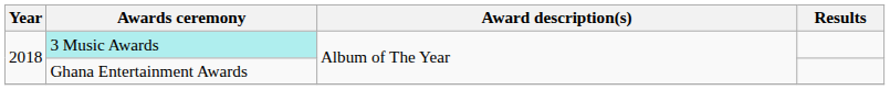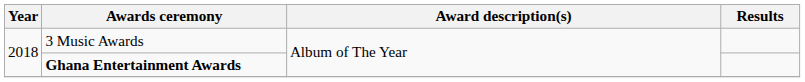 <table class="wikitable">
 <tr>
 <th>Year</th>
 <th width="250">Awards ceremony</th>
 <th width="450">Award description(s)</th>
 <th width="75">Results</th>
 </tr>
 <tr>
 <td rowspan="2">2018</td>
-<td style="background: paleturquoise;">3 Music Awards</td>
+<td>3 Music Awards</td>
 <td rowspan="2">Album of The Year</td>
 <td> </td>
 </tr>
 <tr>
-<td>Ghana Entertainment Awards</td>
+<td><strong>Ghana Entertainment Awards</strong></td>
 <td> </td>
 </tr>
 <tr>
 </tr>
 </table>
